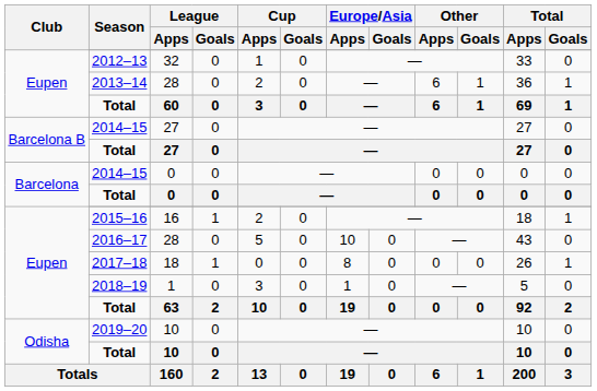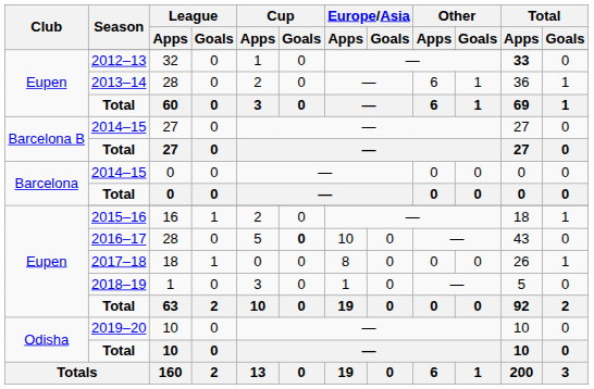 <table class="wikitable" style="text-align: center;">
 <tr>
 <th rowspan="2">Club</th>
 <th rowspan="2">Season</th>
 <th colspan="2">League</th>
 <th colspan="2">Cup</th>
 <th colspan="2"><a href='#'>Europe</a>/<a href='#'>Asia</a></th>
 <th colspan="2">Other</th>
 <th colspan="2">Total</th>
 </tr>
 <tr>
 <th>Apps</th>
 <th>Goals</th>
 <th>Apps</th>
 <th>Goals</th>
 <th>Apps</th>
 <th>Goals</th>
 <th>Apps</th>
 <th>Goals</th>
 <th>Apps</th>
 <th>Goals</th>
 </tr>
 <tr>
 <td rowspan="4" align=center valign=center><a href='#'>Eupen</a></td>
 </tr>
 <tr>
 <td><a href='#'>2012–13</a></td>
 <td>32</td>
 <td>0</td>
 <td>1</td>
 <td>0</td>
 <td colspan=4>—</td>
-<td>33</td>
+<td><strong>33</strong></td>
 <td>0</td>
 </tr>
 <tr>
 <td><a href='#'>2013–14</a></td>
 <td>28</td>
 <td>0</td>
 <td>2</td>
 <td>0</td>
 <td colspan=2>—</td>
 <td>6</td>
 <td>1</td>
 <td>36</td>
 <td>1</td>
 </tr>
 <tr>
 <td><strong>Total</strong></td>
 <th>60</th>
 <th>0</th>
 <th>3</th>
 <th>0</th>
 <th colspan=2>—</th>
 <th>6</th>
 <th>1</th>
 <th>69</th>
 <th>1</th>
 </tr>
 <tr>
 <td rowspan="2" align=center valign=center><a href='#'>Barcelona B</a></td>
 <td><a href='#'>2014–15</a></td>
 <td>27</td>
 <td>0</td>
 <td colspan=6>—</td>
 <td>27</td>
 <td>0</td>
 </tr>
 <tr>
 <td><strong>Total</strong></td>
 <th>27</th>
 <th>0</th>
 <th colspan=6>—</th>
 <th>27</th>
 <th>0</th>
 </tr>
 <tr>
 <td rowspan="2" align=center valign=center><a href='#'>Barcelona</a></td>
 <td><a href='#'>2014–15</a></td>
 <td>0</td>
 <td>0</td>
 <td colspan=4>—</td>
 <td>0</td>
 <td>0</td>
 <td>0</td>
 <td>0</td>
 </tr>
 <tr>
 <td><strong>Total</strong></td>
 <th>0</th>
 <th>0</th>
 <th colspan=4>—</th>
 <th>0</th>
 <th>0</th>
 <th>0</th>
 <th>0</th>
 </tr>
 <tr>
 <td rowspan="6" align=center valign=center><a href='#'>Eupen</a></td>
 </tr>
 <tr>
 <td><a href='#'>2015–16</a></td>
 <td>16</td>
 <td>1</td>
 <td>2</td>
 <td>0</td>
 <td colspan=4>—</td>
 <td>18</td>
 <td>1</td>
 </tr>
 <tr>
 <td><a href='#'>2016–17</a></td>
 <td>28</td>
 <td>0</td>
 <td>5</td>
-<td>0</td>
+<td><strong>0</strong></td>
 <td>10</td>
 <td>0</td>
 <td colspan=2>—</td>
 <td>43</td>
 <td>0</td>
 </tr>
 <tr>
 <td><a href='#'>2017–18</a></td>
 <td>18</td>
 <td>1</td>
 <td>0</td>
 <td>0</td>
 <td>8</td>
 <td>0</td>
 <td>0</td>
 <td>0</td>
 <td>26</td>
 <td>1</td>
 </tr>
 <tr>
 <td><a href='#'>2018–19</a></td>
 <td>1</td>
 <td>0</td>
 <td>3</td>
 <td>0</td>
 <td>1</td>
 <td>0</td>
 <td colspan=2>—</td>
 <td>5</td>
 <td>0</td>
 </tr>
 <tr>
 <td><strong>Total</strong></td>
 <th>63</th>
 <th>2</th>
 <th>10</th>
 <th>0</th>
 <th>19</th>
 <th>0</th>
 <th>0</th>
 <th>0</th>
 <th>92</th>
 <th>2</th>
 </tr>
 <tr>
 <td rowspan="2" align=center valign=center><a href='#'>Odisha</a></td>
 <td><a href='#'>2019–20</a></td>
 <td>10</td>
 <td>0</td>
 <td colspan=6>—</td>
 <td>10</td>
 <td>0</td>
 </tr>
 <tr>
 <td><strong>Total</strong></td>
 <th>10</th>
 <th>0</th>
 <th colspan=6>—</th>
 <th>10</th>
 <th>0</th>
 </tr>
 <tr>
 <th colspan="2"><strong>Totals</strong></th>
 <th>160</th>
 <th>2</th>
 <th>13</th>
 <th>0</th>
 <th>19</th>
 <th>0</th>
 <th>6</th>
 <th>1</th>
 <th>200</th>
 <th>3</th>
 </tr>
 </table>
